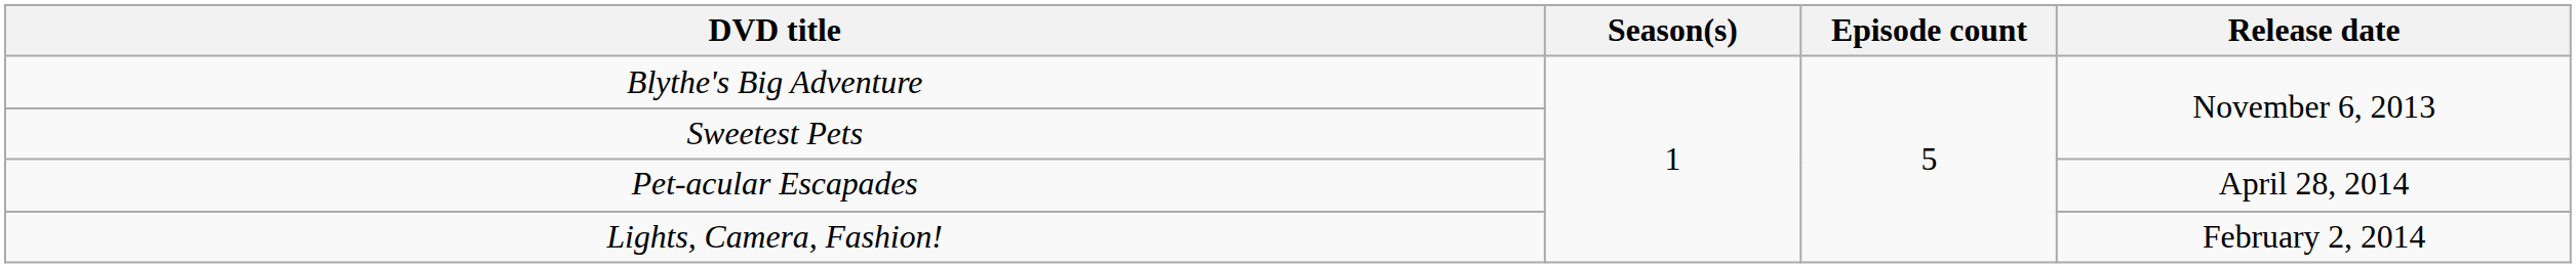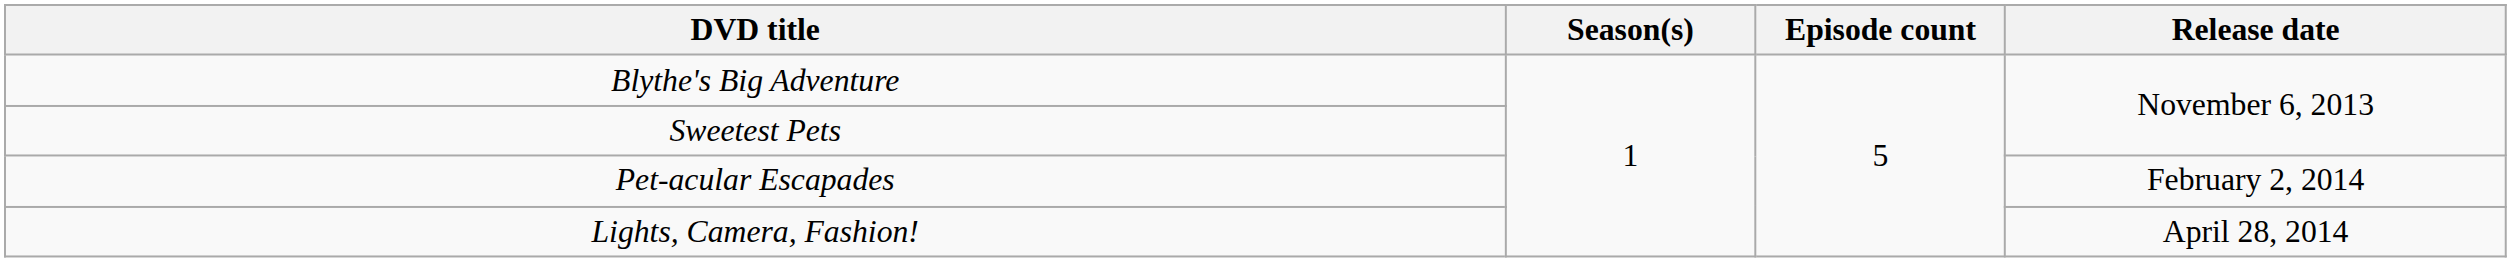 <table class="wikitable collapsible collapsed sortable" style="width:100%;text-align:center;">
 <tr>
 <th scope="col" width="60%">DVD title</th>
 <th scope="col" width="10%">Season(s)</th>
 <th scope="col" width="10%">Episode count</th>
 <th scope="col" width="20%">Release date</th>
 </tr>
 <tr>
 <td><em>Blythe's Big Adventure</em></td>
 <td rowspan="4">1</td>
 <td rowspan="4">5</td>
 <td rowspan="2">November 6, 2013</td>
 </tr>
 <tr>
 <td><em>Sweetest Pets</em></td>
 </tr>
 <tr>
 <td><em>Pet-acular Escapades</em></td>
-<td>April 28, 2014</td>
+<td>February 2, 2014</td>
 </tr>
 <tr>
 <td><em>Lights, Camera, Fashion!</em></td>
-<td>February 2, 2014</td>
+<td>April 28, 2014</td>
 </tr>
 </table>
